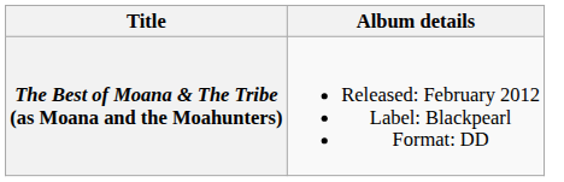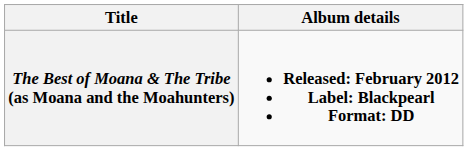 <table class="wikitable plainrowheaders" style="text-align:center;" border="1">
 <tr>
 <th>Title</th>
 <th>Album details</th>
 </tr>
 <tr>
 <th scope="row"><em>The Best of Moana & The Tribe</em> <br> (as Moana and the Moahunters)</th>
-<td><br><ul><li>Released: February 2012</li><li>Label: Blackpearl</li><li>Format: DD</li></ul></td>
+<td><strong><br><ul><li>Released: February 2012</li><li>Label: Blackpearl</li><li>Format: DD</li></ul></strong></td>
 </tr>
 </table>
